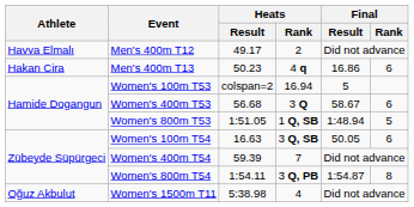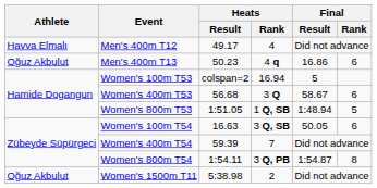 <table class=wikitable style="font-size:95%">
 <tr>
 <th rowspan=2>Athlete</th>
 <th rowspan=2>Event</th>
 <th colspan=2>Heats</th>
 <th colspan=2>Final</th>
 </tr>
 <tr>
 <th>Result</th>
 <th>Rank</th>
 <th>Result</th>
 <th>Rank</th>
 </tr>
 <tr align=center>
 <td align=left><a href='#'>Havva Elmalı</a></td>
 <td align=left><a href='#'>Men's 400m T12</a></td>
 <td>49.17</td>
-<td>2</td>
+<td>4</td>
 <td colspan=2>Did not advance</td>
 </tr>
 <tr align=center>
-<td align=left><a href='#'>Hakan Cira</a></td>
+<td align=left><a href='#'>Oğuz Akbulut</a></td>
 <td align=left><a href='#'>Men's 400m T13</a></td>
 <td>50.23</td>
 <td>4 <strong>q</strong></td>
 <td>16.86</td>
 <td>6</td>
 </tr>
 <tr align=center>
 <td rowspan="3" align=left><a href='#'>Hamide Dogangun</a></td>
 <td align=left><a href='#'>Women's 100m T53</a></td>
 <td>colspan=2 </td>
 <td>16.94</td>
 <td>5</td>
 </tr>
 <tr align=center>
 <td align=left><a href='#'>Women's 400m T53</a></td>
 <td>56.68</td>
 <td>3 <strong>Q</strong></td>
 <td>58.67</td>
 <td>6</td>
 </tr>
 <tr align=center>
 <td align=left><a href='#'>Women's 800m T53</a></td>
 <td>1:51.05</td>
 <td>1 <strong>Q, SB</strong></td>
 <td>1:48.94</td>
 <td>5</td>
 </tr>
 <tr align=center>
 <td rowspan="3" align=left><a href='#'>Zübeyde Süpürgeci</a></td>
 <td align=left><a href='#'>Women's 100m T54</a></td>
 <td>16.63</td>
 <td>3 <strong>Q, SB</strong></td>
 <td>50.05</td>
 <td>6</td>
 </tr>
 <tr align=center>
 <td align=left><a href='#'>Women's 400m T54</a></td>
 <td>59.39</td>
 <td>7</td>
 <td colspan=2>Did not advance</td>
 </tr>
 <tr align=center>
 <td align=left><a href='#'>Women's 800m T54</a></td>
 <td>1:54.11</td>
 <td>3 <strong>Q, PB</strong></td>
 <td>1:54.87</td>
 <td>8</td>
 </tr>
 <tr align=center>
 <td align=left><a href='#'>Oğuz Akbulut</a></td>
 <td align=left><a href='#'>Women's 1500m T11</a></td>
 <td>5:38.98</td>
-<td>4</td>
+<td>2</td>
 <td colspan=2>Did not advance</td>
 </tr>
 </table>
